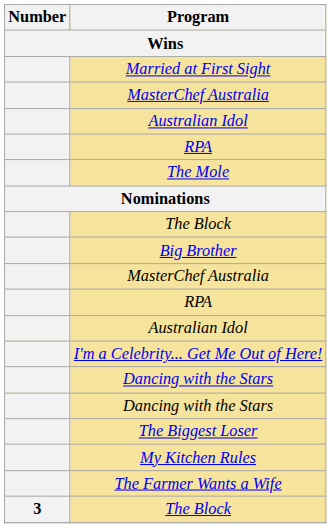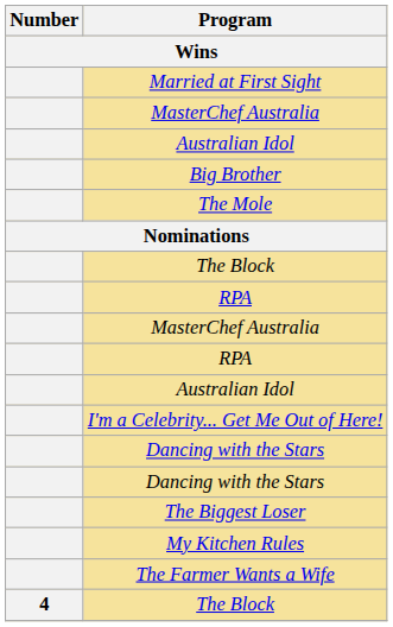 <table class="wikitable" rowspan=2 style="text-align: center; background: #f6e39c">
 <tr>
 <th scope="col" style="width:55px;">Number</th>
 <th scope="col" style="text-align:center;">Program</th>
 </tr>
 <tr>
 <th colspan="2">Wins</th>
 </tr>
 <tr>
 <th scope="row"></th>
 <td><em><a href='#'>Married at First Sight</a></em></td>
 </tr>
 <tr>
 <th scope="row"></th>
 <td><em><a href='#'>MasterChef Australia</a></em></td>
 </tr>
 <tr>
 <th scope="row"></th>
 <td><em><a href='#'>Australian Idol</a></em></td>
 </tr>
 <tr>
 <th scope="row"></th>
-<td><em><a href='#'>RPA</a></em></td>
+<td><em><a href='#'>Big Brother</a></em></td>
 </tr>
 <tr>
 <th scope="row"></th>
 <td><em><a href='#'>The Mole</a></em></td>
 </tr>
 <tr>
 <th colspan="2">Nominations</th>
 </tr>
 <tr>
 <th scope="row"></th>
 <td><em>The Block</em></td>
 </tr>
 <tr>
 <th scope="row"></th>
-<td><em><a href='#'>Big Brother</a></em></td>
+<td><em><a href='#'>RPA</a></em></td>
 </tr>
 <tr>
 <th scope="row"></th>
 <td><em>MasterChef Australia</em></td>
 </tr>
 <tr>
 <th scope="row"></th>
 <td><em>RPA</em></td>
 </tr>
 <tr>
 <th scope="row"></th>
 <td><em>Australian Idol</em></td>
 </tr>
 <tr>
 <th scope="row"></th>
 <td><em><a href='#'>I'm a Celebrity... Get Me Out of Here!</a></em></td>
 </tr>
 <tr>
 <th scope="row"></th>
 <td><em><a href='#'>Dancing with the Stars</a></em></td>
 </tr>
 <tr>
 <th scope="row"></th>
 <td><em>Dancing with the Stars</em></td>
 </tr>
 <tr>
 <th scope="row"></th>
 <td><em><a href='#'>The Biggest Loser</a></em></td>
 </tr>
 <tr>
 <th scope="row"></th>
 <td><em><a href='#'>My Kitchen Rules</a></em></td>
 </tr>
 <tr>
 <th scope="row"></th>
 <td><em><a href='#'>The Farmer Wants a Wife</a></em></td>
 </tr>
 <tr>
-<th>3</th>
+<th>4</th>
 <td><em><a href='#'>The Block</a></em></td>
 </tr>
 <tr>
 </tr>
 </table>
